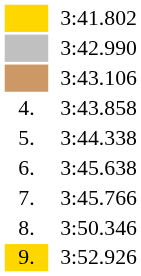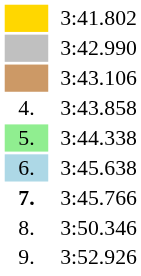 <table style="text-align:center">
 <tr>
 <td width=30 bgcolor=gold></td>
 <td align=left></td>
 <td width=60>3:41.802</td>
 </tr>
 <tr>
 <td bgcolor=silver></td>
 <td align=left></td>
 <td>3:42.990</td>
 </tr>
 <tr>
 <td bgcolor=cc9966></td>
 <td align=left></td>
 <td>3:43.106</td>
 </tr>
 <tr>
 <td>4.</td>
 <td align=left></td>
 <td>3:43.858</td>
 </tr>
 <tr>
-<td>5.</td>
+<td style="background: lightgreen;">5.</td>
 <td align=left></td>
 <td>3:44.338</td>
 </tr>
 <tr>
-<td>6.</td>
+<td style="background: lightblue;">6.</td>
 <td align=left></td>
 <td>3:45.638</td>
 </tr>
 <tr>
-<td>7.</td>
+<td><strong>7.</strong></td>
 <td align=left></td>
 <td>3:45.766</td>
 </tr>
 <tr>
 <td>8.</td>
 <td align=left></td>
 <td>3:50.346</td>
 </tr>
 <tr>
-<td style="background: gold;">9.</td>
+<td>9.</td>
 <td align=left></td>
 <td>3:52.926</td>
 </tr>
 </table>
